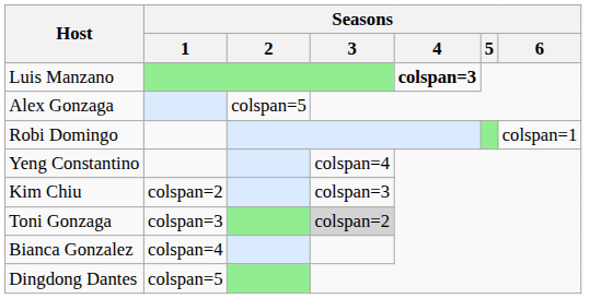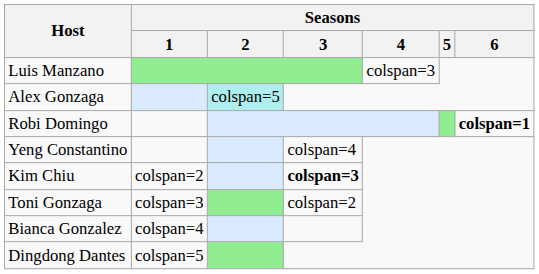 <table class="wikitable">
 <tr>
 <th rowspan=2>Host</th>
 <th colspan=6>Seasons</th>
 </tr>
 <tr>
 <th>1</th>
 <th>2</th>
 <th>3</th>
 <th>4</th>
 <th>5</th>
 <th>6</th>
 </tr>
 <tr>
 <td>Luis Manzano</td>
 <td colspan=3 bgcolor=#90ee90></td>
-<td><strong>colspan=3 </strong></td>
+<td>colspan=3 </td>
 </tr>
 <tr>
 <td>Alex Gonzaga</td>
 <td bgcolor=#DAEBFF></td>
-<td>colspan=5 </td>
+<td style="background: paleturquoise;">colspan=5 </td>
 </tr>
 <tr>
 <td>Robi Domingo</td>
 <td></td>
 <td colspan=3 bgcolor=#DAEBFF></td>
 <td bgcolor=#90ee90></td>
-<td>colspan=1 </td>
+<td><strong>colspan=1 </strong></td>
 </tr>
 <tr>
 <td>Yeng Constantino</td>
 <td></td>
 <td bgcolor=#DAEBFF></td>
 <td>colspan=4 </td>
 </tr>
 <tr>
 <td>Kim Chiu</td>
 <td>colspan=2 </td>
 <td bgcolor=#DAEBFF></td>
-<td>colspan=3 </td>
+<td><strong>colspan=3 </strong></td>
 </tr>
 <tr>
 <td>Toni Gonzaga</td>
 <td>colspan=3 </td>
 <td bgcolor=#90ee90></td>
-<td style="background: lightgrey;">colspan=2 </td>
+<td>colspan=2 </td>
 </tr>
 <tr>
 <td>Bianca Gonzalez</td>
 <td>colspan=4 </td>
 <td bgcolor=#DAEBFF></td>
 <td></td>
 </tr>
 <tr>
 <td>Dingdong Dantes</td>
 <td>colspan=5 </td>
 <td bgcolor=#90ee90></td>
 </tr>
 </table>
